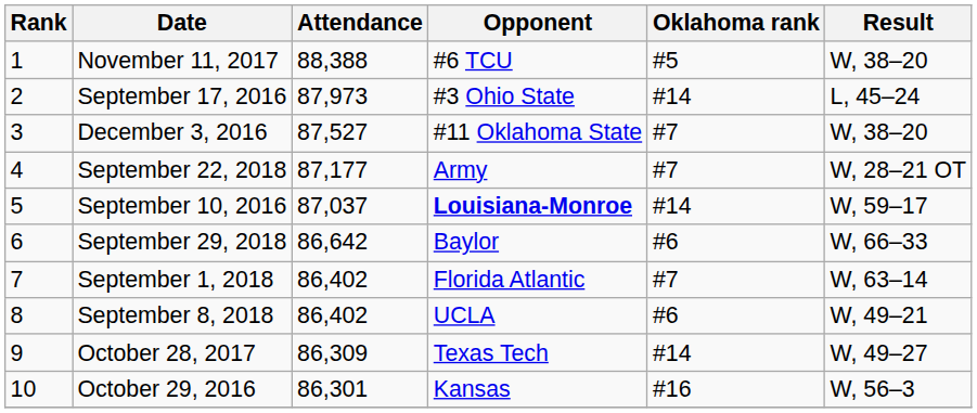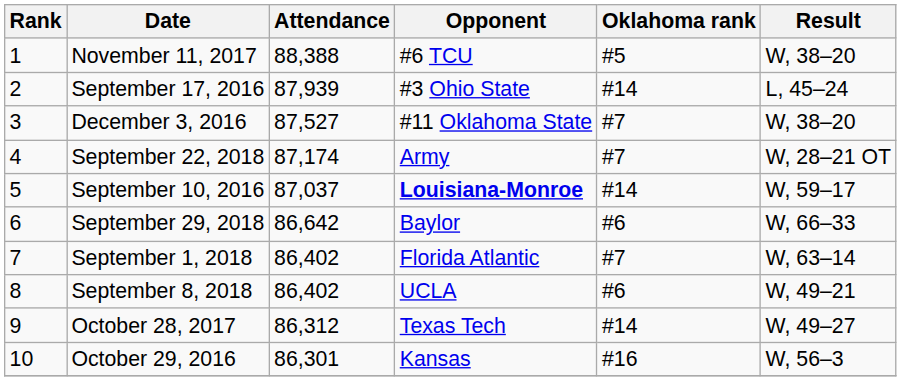 <table class=wikitable>
 <tr>
 <th style="text-align:center;">Rank</th>
 <th style="text-align:center;">Date</th>
 <th style="text-align:center;">Attendance</th>
 <th style="text-align:center;">Opponent</th>
 <th style="text-align:center;">Oklahoma rank</th>
 <th style="text-align:center;">Result</th>
 </tr>
 <tr>
 <td>1</td>
 <td>November 11, 2017</td>
 <td>88,388</td>
 <td>#6 <a href='#'>TCU</a></td>
 <td>#5</td>
 <td>W, 38–20</td>
 </tr>
 <tr>
 <td>2</td>
 <td>September 17, 2016</td>
-<td>87,973</td>
+<td>87,939</td>
 <td>#3 <a href='#'>Ohio State</a></td>
 <td>#14</td>
 <td>L, 45–24</td>
 </tr>
 <tr>
 <td>3</td>
 <td>December 3, 2016</td>
 <td>87,527</td>
 <td>#11 <a href='#'>Oklahoma State</a></td>
 <td>#7</td>
 <td>W, 38–20</td>
 </tr>
 <tr>
 <td>4</td>
 <td>September 22, 2018</td>
-<td>87,177</td>
+<td>87,174</td>
 <td><a href='#'>Army</a></td>
 <td>#7</td>
 <td>W, 28–21 OT</td>
 </tr>
 <tr>
 <td>5</td>
 <td>September 10, 2016</td>
 <td>87,037</td>
 <td><strong><a href='#'>Louisiana-Monroe</a></strong></td>
 <td>#14</td>
 <td>W, 59–17</td>
 </tr>
 <tr>
 <td>6</td>
 <td>September 29, 2018</td>
 <td>86,642</td>
 <td><a href='#'>Baylor</a></td>
 <td>#6</td>
 <td>W, 66–33</td>
 </tr>
 <tr>
 <td>7</td>
 <td>September 1, 2018</td>
 <td>86,402</td>
 <td><a href='#'>Florida Atlantic</a></td>
 <td>#7</td>
 <td>W, 63–14</td>
 </tr>
 <tr>
 <td>8</td>
 <td>September 8, 2018</td>
 <td>86,402</td>
 <td><a href='#'>UCLA</a></td>
 <td>#6</td>
 <td>W, 49–21</td>
 </tr>
 <tr>
 <td>9</td>
 <td>October 28, 2017</td>
-<td>86,309</td>
+<td>86,312</td>
 <td><a href='#'>Texas Tech</a></td>
 <td>#14</td>
 <td>W, 49–27</td>
 </tr>
 <tr>
 <td>10</td>
 <td>October 29, 2016</td>
 <td>86,301</td>
 <td><a href='#'>Kansas</a></td>
 <td>#16</td>
 <td>W, 56–3</td>
 </tr>
 <tr>
 </tr>
 </table>
